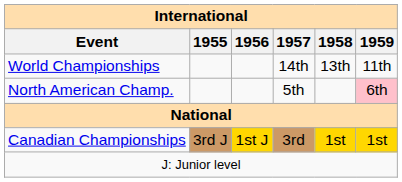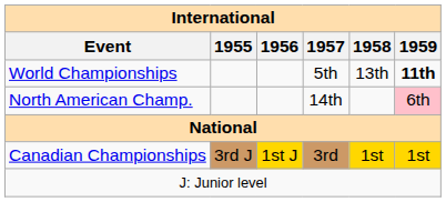 <table class="wikitable" style="text-align:center">
 <tr>
 <th style="background-color: #ffdead; " colspan=6 align=center>International</th>
 </tr>
 <tr>
 <th>Event</th>
 <th>1955</th>
 <th>1956</th>
 <th>1957</th>
 <th>1958</th>
 <th>1959</th>
 </tr>
 <tr>
 <td align=left><a href='#'>World Championships</a></td>
 <td></td>
 <td></td>
-<td>14th</td>
+<td>5th</td>
 <td>13th</td>
-<td>11th</td>
+<td><strong>11th</strong></td>
 </tr>
 <tr>
 <td align=left><a href='#'>North American Champ.</a></td>
 <td></td>
 <td></td>
-<td>5th</td>
+<td>14th</td>
 <td></td>
 <td style="background: pink;">6th</td>
 </tr>
 <tr>
 <th style="background-color: #ffdead; " colspan=6 align=center>National</th>
 </tr>
 <tr>
 <td align=left><a href='#'>Canadian Championships</a></td>
 <td bgcolor=cc9966>3rd J</td>
 <td bgcolor=gold>1st J</td>
 <td bgcolor=cc9966>3rd</td>
 <td bgcolor=gold>1st</td>
 <td bgcolor=gold>1st</td>
 </tr>
 <tr>
 <td colspan=6 align=center><small> J: Junior level </small></td>
 </tr>
 </table>
